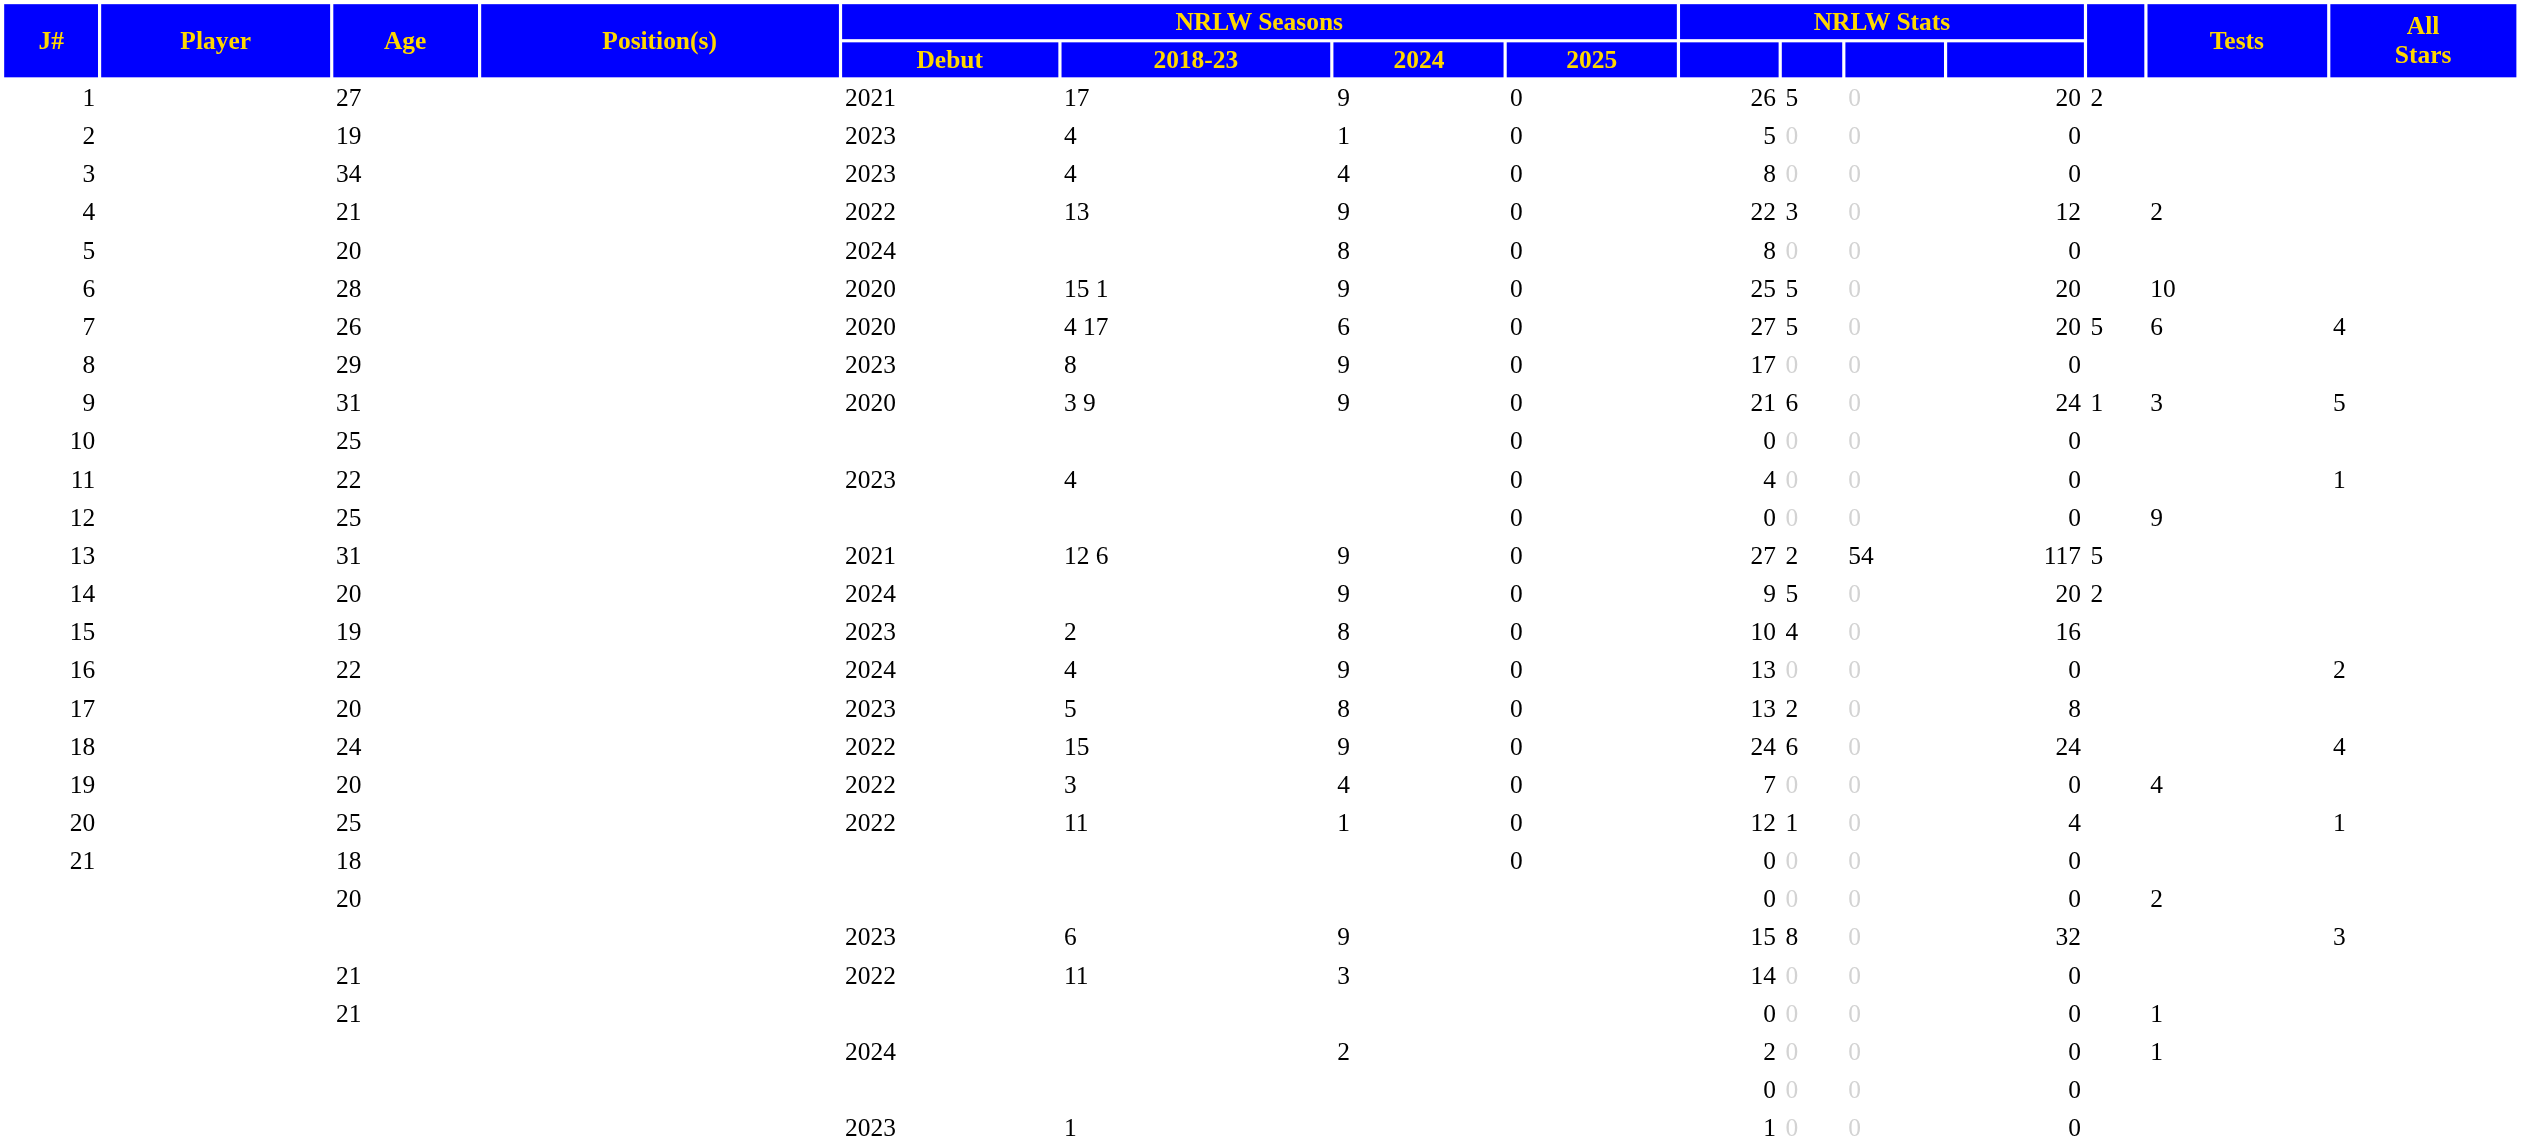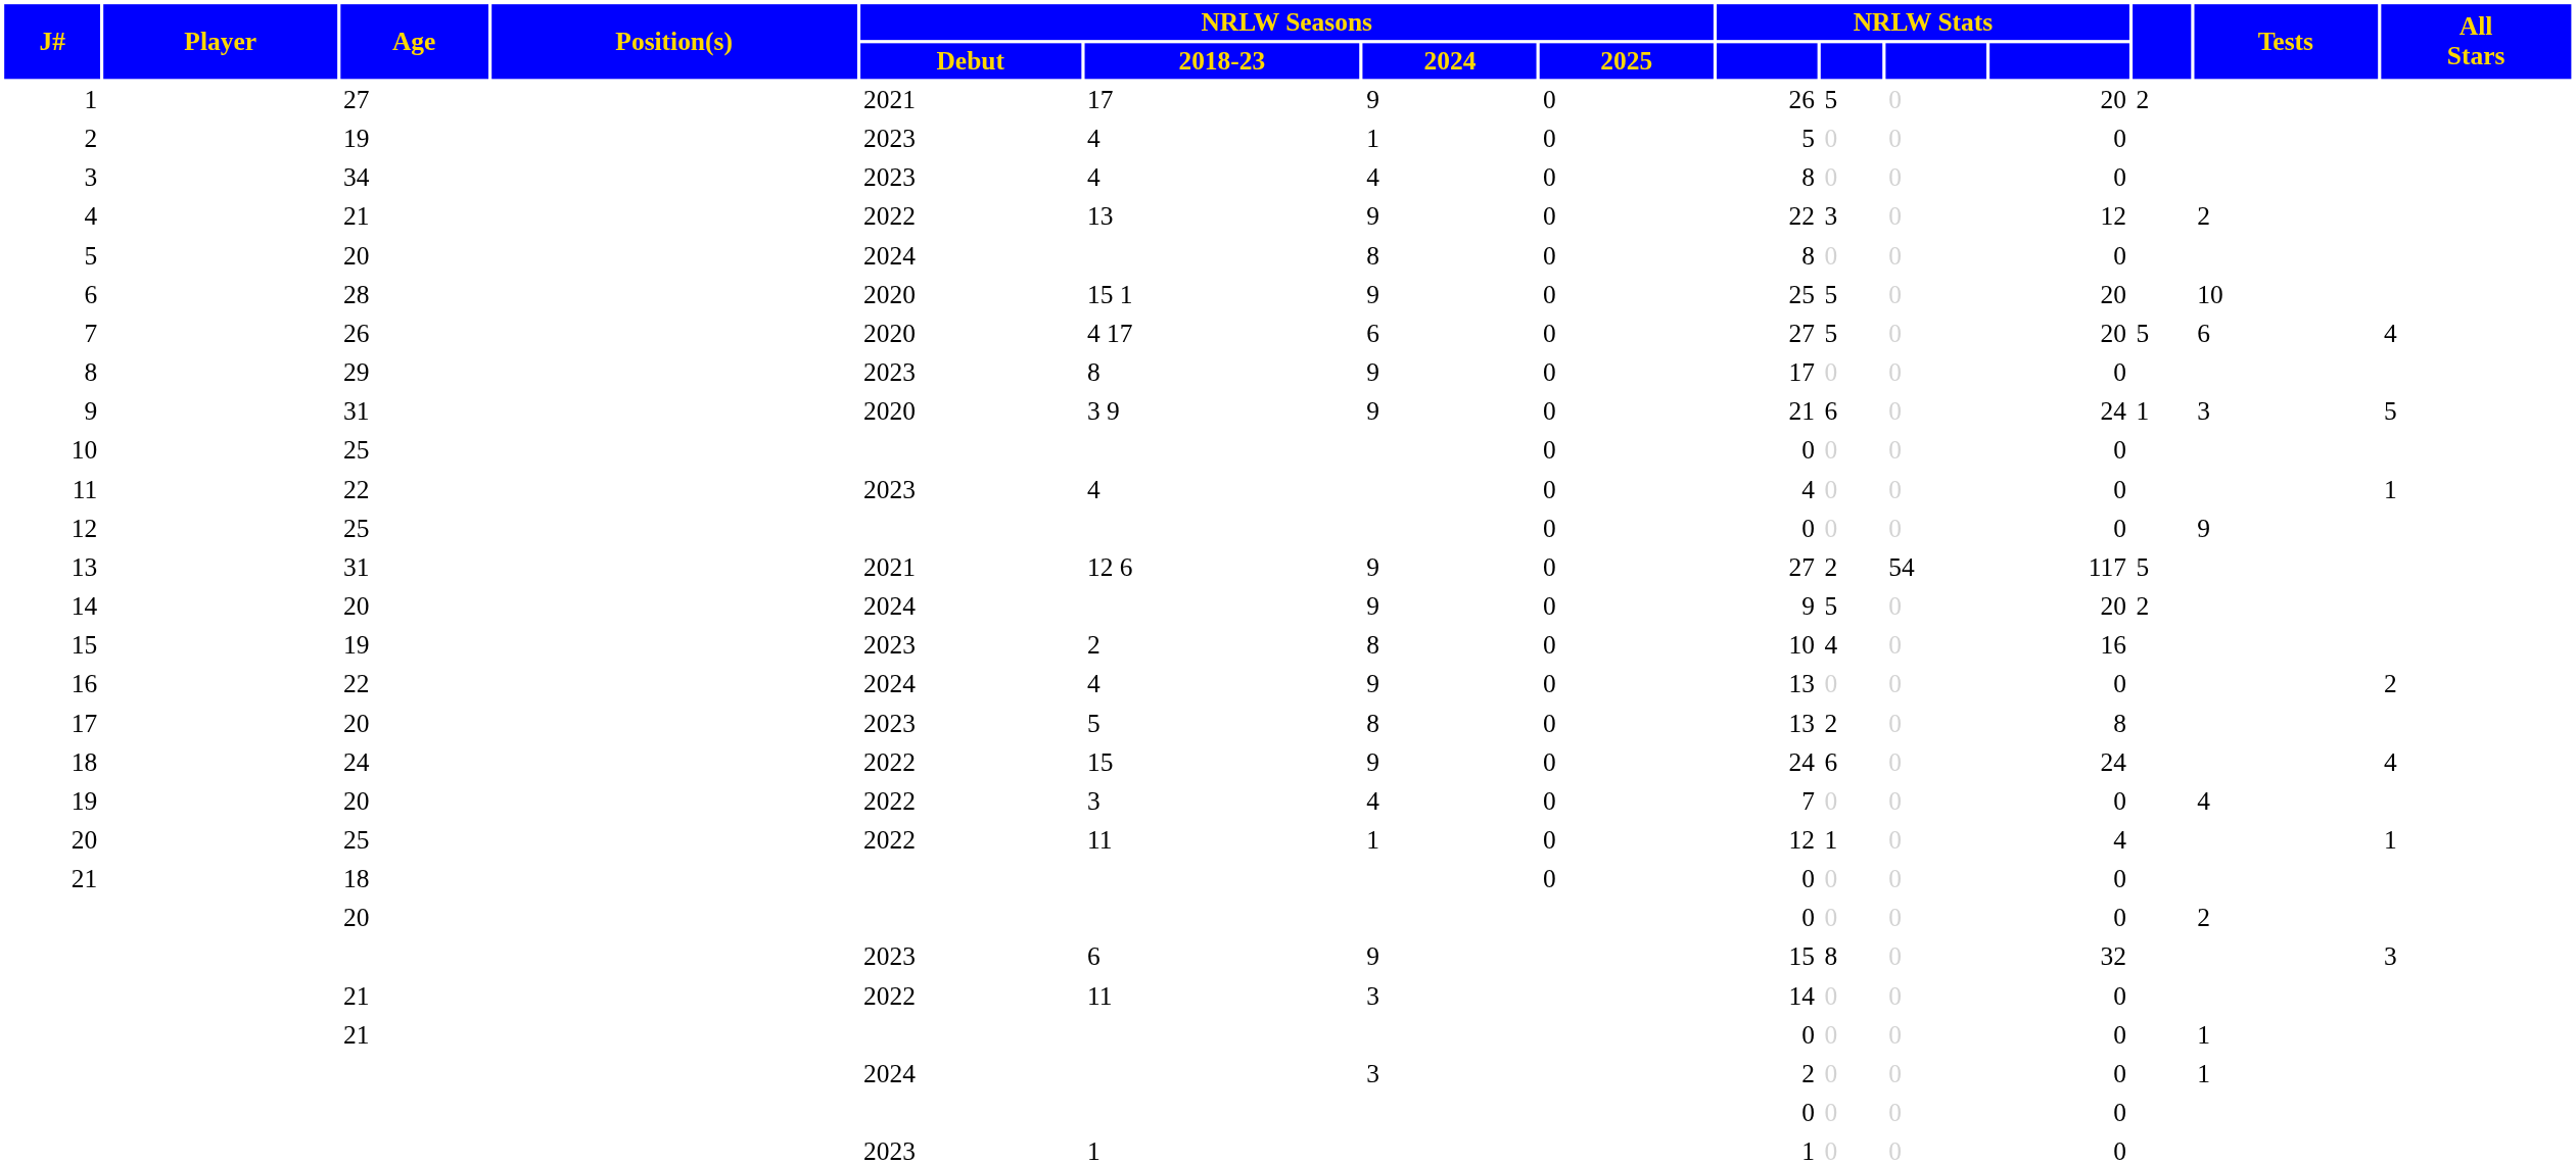 <table class="sortable" border="0" cellspacing="2" cellpadding="2" style="width:100%;" style="text-align:center;">
 <tr style="background:blue; color:gold">
 <th rowspan=2>J#</th>
 <th rowspan=2>Player</th>
 <th rowspan=2>Age</th>
 <th rowspan=2>Position(s)</th>
 <th colspan=4>NRLW Seasons</th>
 <th colspan=4>NRLW Stats</th>
 <th rowspan=2 class="unsortable"></th>
 <th rowspan=2 class="unsortable">Tests</th>
 <th rowspan=2 class="unsortable">All <br> Stars</th>
 </tr>
 <tr style="background:blue; color:gold">
 <th class="unsortable">Debut</th>
 <th class="unsortable">2018-23</th>
 <th class="unsortable">2024</th>
 <th class="unsortable">2025</th>
 <th></th>
 <th></th>
 <th class="unsortable"></th>
 <th></th>
 </tr>
 <tr>
 <td align=right>1</td>
 <td align=left></td>
 <td>27</td>
 <td></td>
 <td>2021</td>
 <td align=left> 17</td>
 <td align=left> 9</td>
 <td align=left> 0</td>
 <td align=right>26</td>
 <td>5</td>
 <td style="color:lightgray">0</td>
 <td align=right>20</td>
 <td align=left> 2</td>
 <td></td>
 <td></td>
 </tr>
 <tr>
 <td align=right>2</td>
 <td align=left></td>
 <td>19</td>
 <td></td>
 <td>2023</td>
 <td align=left> 4</td>
 <td align=left> 1</td>
 <td align=left> 0</td>
 <td align=right>5</td>
 <td style="color:lightgray">0</td>
 <td style="color:lightgray">0</td>
 <td align=right>0</td>
 <td></td>
 <td></td>
 <td></td>
 </tr>
 <tr>
 <td align=right>3</td>
 <td align=left></td>
 <td>34</td>
 <td></td>
 <td>2023</td>
 <td align=left> 4</td>
 <td align=left> 4</td>
 <td align=left> 0</td>
 <td align=right>8</td>
 <td style="color:lightgray">0</td>
 <td style="color:lightgray">0</td>
 <td align=right>0</td>
 <td></td>
 <td></td>
 <td></td>
 </tr>
 <tr>
 <td align=right>4</td>
 <td align=left></td>
 <td>21</td>
 <td></td>
 <td>2022</td>
 <td align=left> 13</td>
 <td align=left> 9</td>
 <td align=left> 0</td>
 <td align=right>22</td>
 <td>3</td>
 <td style="color:lightgray">0</td>
 <td align=right>12</td>
 <td></td>
 <td align=left> 2</td>
 <td></td>
 </tr>
 <tr>
 <td align=right>5</td>
 <td align=left></td>
 <td>20</td>
 <td></td>
 <td>2024</td>
 <td></td>
 <td align=left> 8</td>
 <td align=left> 0</td>
 <td align=right>8</td>
 <td style="color:lightgray">0</td>
 <td style="color:lightgray">0</td>
 <td align=right>0</td>
 <td></td>
 <td></td>
 <td></td>
 </tr>
 <tr>
 <td align=right>6</td>
 <td align=left></td>
 <td>28</td>
 <td></td>
 <td>2020</td>
 <td align=left> 15  1</td>
 <td align=left> 9</td>
 <td align=left> 0</td>
 <td align=right>25</td>
 <td>5</td>
 <td style="color:lightgray">0</td>
 <td align=right>20</td>
 <td></td>
 <td align=left> 10</td>
 <td></td>
 </tr>
 <tr>
 <td align=right>7</td>
 <td align=left></td>
 <td>26</td>
 <td></td>
 <td>2020</td>
 <td align=left> 4  17</td>
 <td align=left> 6</td>
 <td align=left> 0</td>
 <td align=right>27</td>
 <td>5</td>
 <td style="color:lightgray">0</td>
 <td align=right>20</td>
 <td align=left> 5</td>
 <td align=left> 6</td>
 <td align=left> 4</td>
 </tr>
 <tr>
 <td align=right>8</td>
 <td align=left></td>
 <td>29</td>
 <td></td>
 <td>2023</td>
 <td align=left> 8</td>
 <td align=left> 9</td>
 <td align=left> 0</td>
 <td align=right>17</td>
 <td style="color:lightgray">0</td>
 <td style="color:lightgray">0</td>
 <td align=right>0</td>
 <td></td>
 <td></td>
 <td></td>
 </tr>
 <tr>
 <td align=right>9</td>
 <td align=left></td>
 <td>31</td>
 <td></td>
 <td>2020</td>
 <td align=left> 3  9</td>
 <td align=left> 9</td>
 <td align=left> 0</td>
 <td align=right>21</td>
 <td>6</td>
 <td style="color:lightgray">0</td>
 <td align=right>24</td>
 <td align=left> 1</td>
 <td align=left> 3</td>
 <td align=left> 5</td>
 </tr>
 <tr>
 <td align=right>10</td>
 <td align=left></td>
 <td>25</td>
 <td></td>
 <td></td>
 <td></td>
 <td></td>
 <td align=left> 0</td>
 <td align=right>0</td>
 <td style="color:lightgray">0</td>
 <td style="color:lightgray">0</td>
 <td align=right>0</td>
 <td></td>
 <td></td>
 <td></td>
 </tr>
 <tr>
 <td align=right>11</td>
 <td align=left></td>
 <td>22</td>
 <td></td>
 <td>2023</td>
 <td align=left> 4</td>
 <td align=left> </td>
 <td align=left> 0</td>
 <td align=right>4</td>
 <td style="color:lightgray">0</td>
 <td style="color:lightgray">0</td>
 <td align=right>0</td>
 <td></td>
 <td></td>
 <td align=left> 1</td>
 </tr>
 <tr>
 <td align=right>12</td>
 <td align=left></td>
 <td>25</td>
 <td></td>
 <td></td>
 <td></td>
 <td align=left> </td>
 <td align=left> 0</td>
 <td align=right>0</td>
 <td style="color:lightgray">0</td>
 <td style="color:lightgray">0</td>
 <td align=right>0</td>
 <td></td>
 <td align=left> 9</td>
 <td></td>
 </tr>
 <tr>
 <td align=right>13</td>
 <td align=left></td>
 <td>31</td>
 <td></td>
 <td>2021</td>
 <td align=left> 12  6</td>
 <td align=left> 9</td>
 <td align=left> 0</td>
 <td align=right>27</td>
 <td>2</td>
 <td>54</td>
 <td align=right>117</td>
 <td align=left> 5</td>
 <td></td>
 <td></td>
 </tr>
 <tr>
 <td align=right>14</td>
 <td align=left></td>
 <td>20</td>
 <td></td>
 <td>2024</td>
 <td></td>
 <td align=left> 9</td>
 <td align=left> 0</td>
 <td align=right>9</td>
 <td>5</td>
 <td style="color:lightgray">0</td>
 <td align=right>20</td>
 <td align=left> 2</td>
 <td></td>
 <td></td>
 </tr>
 <tr>
 <td align=right>15</td>
 <td align=left></td>
 <td>19</td>
 <td></td>
 <td>2023</td>
 <td align=left> 2</td>
 <td align=left> 8</td>
 <td align=left> 0</td>
 <td align=right>10</td>
 <td>4</td>
 <td style="color:lightgray">0</td>
 <td align=right>16</td>
 <td></td>
 <td></td>
 <td></td>
 </tr>
 <tr>
 <td align=right>16</td>
 <td align=left></td>
 <td>22</td>
 <td></td>
 <td>2024</td>
 <td align=left> 4</td>
 <td align=left> 9</td>
 <td align=left> 0</td>
 <td align=right>13</td>
 <td style="color:lightgray">0</td>
 <td style="color:lightgray">0</td>
 <td align=right>0</td>
 <td></td>
 <td></td>
 <td align=left> 2</td>
 </tr>
 <tr>
 <td align=right>17</td>
 <td align=left></td>
 <td>20</td>
 <td></td>
 <td>2023</td>
 <td align=left> 5</td>
 <td align=left> 8</td>
 <td align=left> 0</td>
 <td align=right>13</td>
 <td>2</td>
 <td style="color:lightgray">0</td>
 <td align=right>8</td>
 <td></td>
 <td></td>
 <td></td>
 </tr>
 <tr>
 <td align=right>18</td>
 <td align=left></td>
 <td>24</td>
 <td></td>
 <td>2022</td>
 <td align=left> 15</td>
 <td align=left> 9</td>
 <td align=left> 0</td>
 <td align=right>24</td>
 <td>6</td>
 <td style="color:lightgray">0</td>
 <td align=right>24</td>
 <td></td>
 <td></td>
 <td align=left> 4</td>
 </tr>
 <tr>
 <td align=right>19</td>
 <td align=left></td>
 <td>20</td>
 <td></td>
 <td>2022</td>
 <td align=left> 3</td>
 <td align=left> 4</td>
 <td align=left> 0</td>
 <td align=right>7</td>
 <td style="color:lightgray">0</td>
 <td style="color:lightgray">0</td>
 <td align=right>0</td>
 <td></td>
 <td align=left> 4</td>
 <td></td>
 </tr>
 <tr>
 <td align=right>20</td>
 <td align=left></td>
 <td>25</td>
 <td></td>
 <td>2022</td>
 <td align=left> 11</td>
 <td align=left> 1</td>
 <td align=left> 0</td>
 <td align=right>12</td>
 <td>1</td>
 <td style="color:lightgray">0</td>
 <td align=right>4</td>
 <td></td>
 <td></td>
 <td align=left> 1</td>
 </tr>
 <tr>
 <td align=right>21</td>
 <td align=left></td>
 <td>18</td>
 <td></td>
 <td></td>
 <td></td>
 <td></td>
 <td align=left> 0</td>
 <td align=right>0</td>
 <td style="color:lightgray">0</td>
 <td style="color:lightgray">0</td>
 <td align=right>0</td>
 <td></td>
 <td></td>
 <td></td>
 </tr>
 <tr>
 <td align=right></td>
 <td align=left></td>
 <td>20</td>
 <td></td>
 <td></td>
 <td></td>
 <td align=left> </td>
 <td></td>
 <td align=right>0</td>
 <td style="color:lightgray">0</td>
 <td style="color:lightgray">0</td>
 <td align=right>0</td>
 <td></td>
 <td align=left> 2</td>
 <td></td>
 </tr>
 <tr>
 <td align=right></td>
 <td align=left></td>
 <td></td>
 <td></td>
 <td>2023</td>
 <td align=left> 6</td>
 <td align=left> 9</td>
 <td></td>
 <td align=right>15</td>
 <td>8</td>
 <td style="color:lightgray">0</td>
 <td align=right>32</td>
 <td></td>
 <td></td>
 <td align=left> 3</td>
 </tr>
 <tr>
 <td align=right></td>
 <td align=left></td>
 <td>21</td>
 <td></td>
 <td>2022</td>
 <td align=left> 11</td>
 <td align=left> 3</td>
 <td></td>
 <td align=right>14</td>
 <td style="color:lightgray">0</td>
 <td style="color:lightgray">0</td>
 <td align=right>0</td>
 <td></td>
 <td></td>
 <td></td>
 </tr>
 <tr>
 <td align=right></td>
 <td align=left></td>
 <td>21</td>
 <td></td>
 <td></td>
 <td></td>
 <td align=left> </td>
 <td></td>
 <td align=right>0</td>
 <td style="color:lightgray">0</td>
 <td style="color:lightgray">0</td>
 <td align=right>0</td>
 <td></td>
 <td align=left> 1</td>
 <td></td>
 </tr>
 <tr>
 <td align=right></td>
 <td align=left></td>
 <td></td>
 <td></td>
 <td>2024</td>
 <td></td>
-<td align=left> 2</td>
+<td align=left> 3</td>
 <td></td>
 <td align=right>2</td>
 <td style="color:lightgray">0</td>
 <td style="color:lightgray">0</td>
 <td align=right>0</td>
 <td></td>
 <td align=left> 1</td>
 <td></td>
 </tr>
 <tr>
 <td align=right></td>
 <td align=left></td>
 <td></td>
 <td></td>
 <td></td>
 <td></td>
 <td align=left> </td>
 <td></td>
 <td align=right>0</td>
 <td style="color:lightgray">0</td>
 <td style="color:lightgray">0</td>
 <td align=right>0</td>
 <td></td>
 <td></td>
 <td></td>
 </tr>
 <tr>
 <td align=right></td>
 <td align=left></td>
 <td></td>
 <td></td>
 <td>2023</td>
 <td align=left> 1</td>
 <td align=left> </td>
 <td></td>
 <td align=right>1</td>
 <td style="color:lightgray">0</td>
 <td style="color:lightgray">0</td>
 <td align=right>0</td>
 <td></td>
 <td></td>
 <td></td>
 </tr>
 </table>
